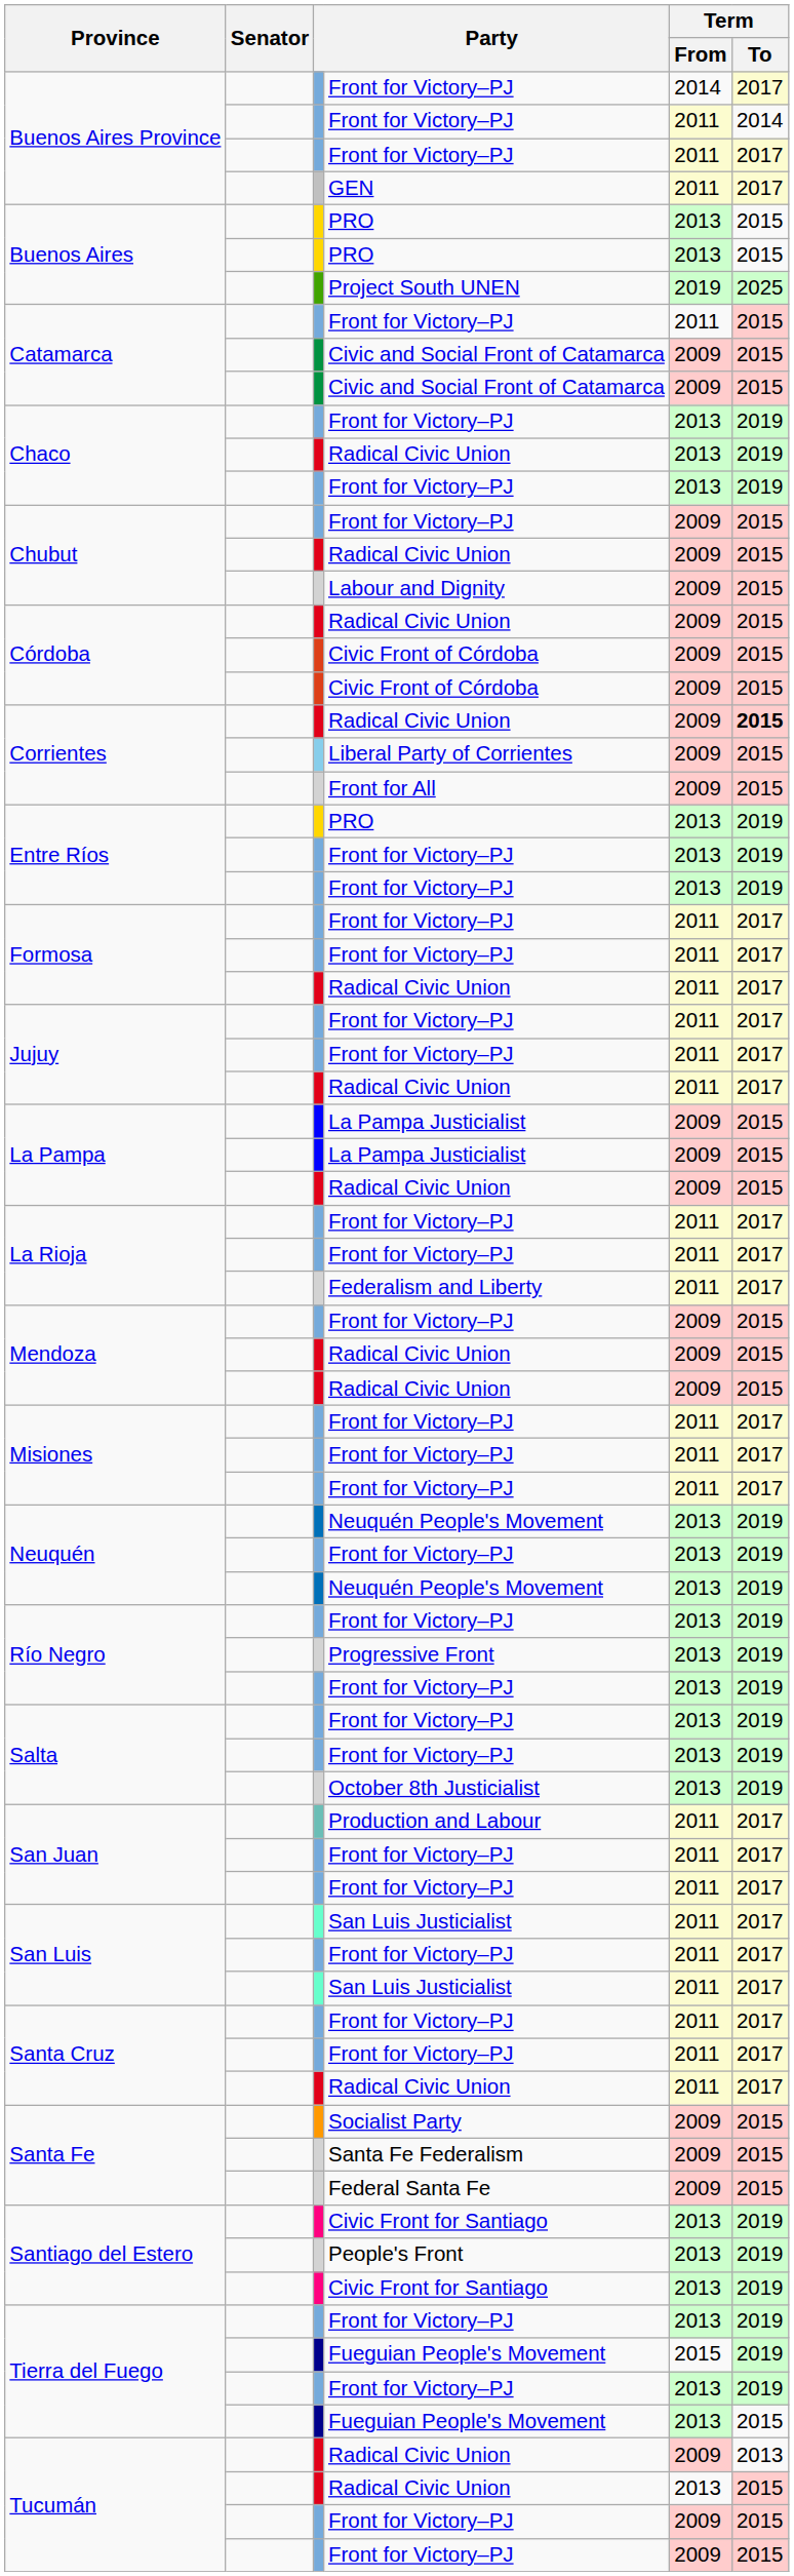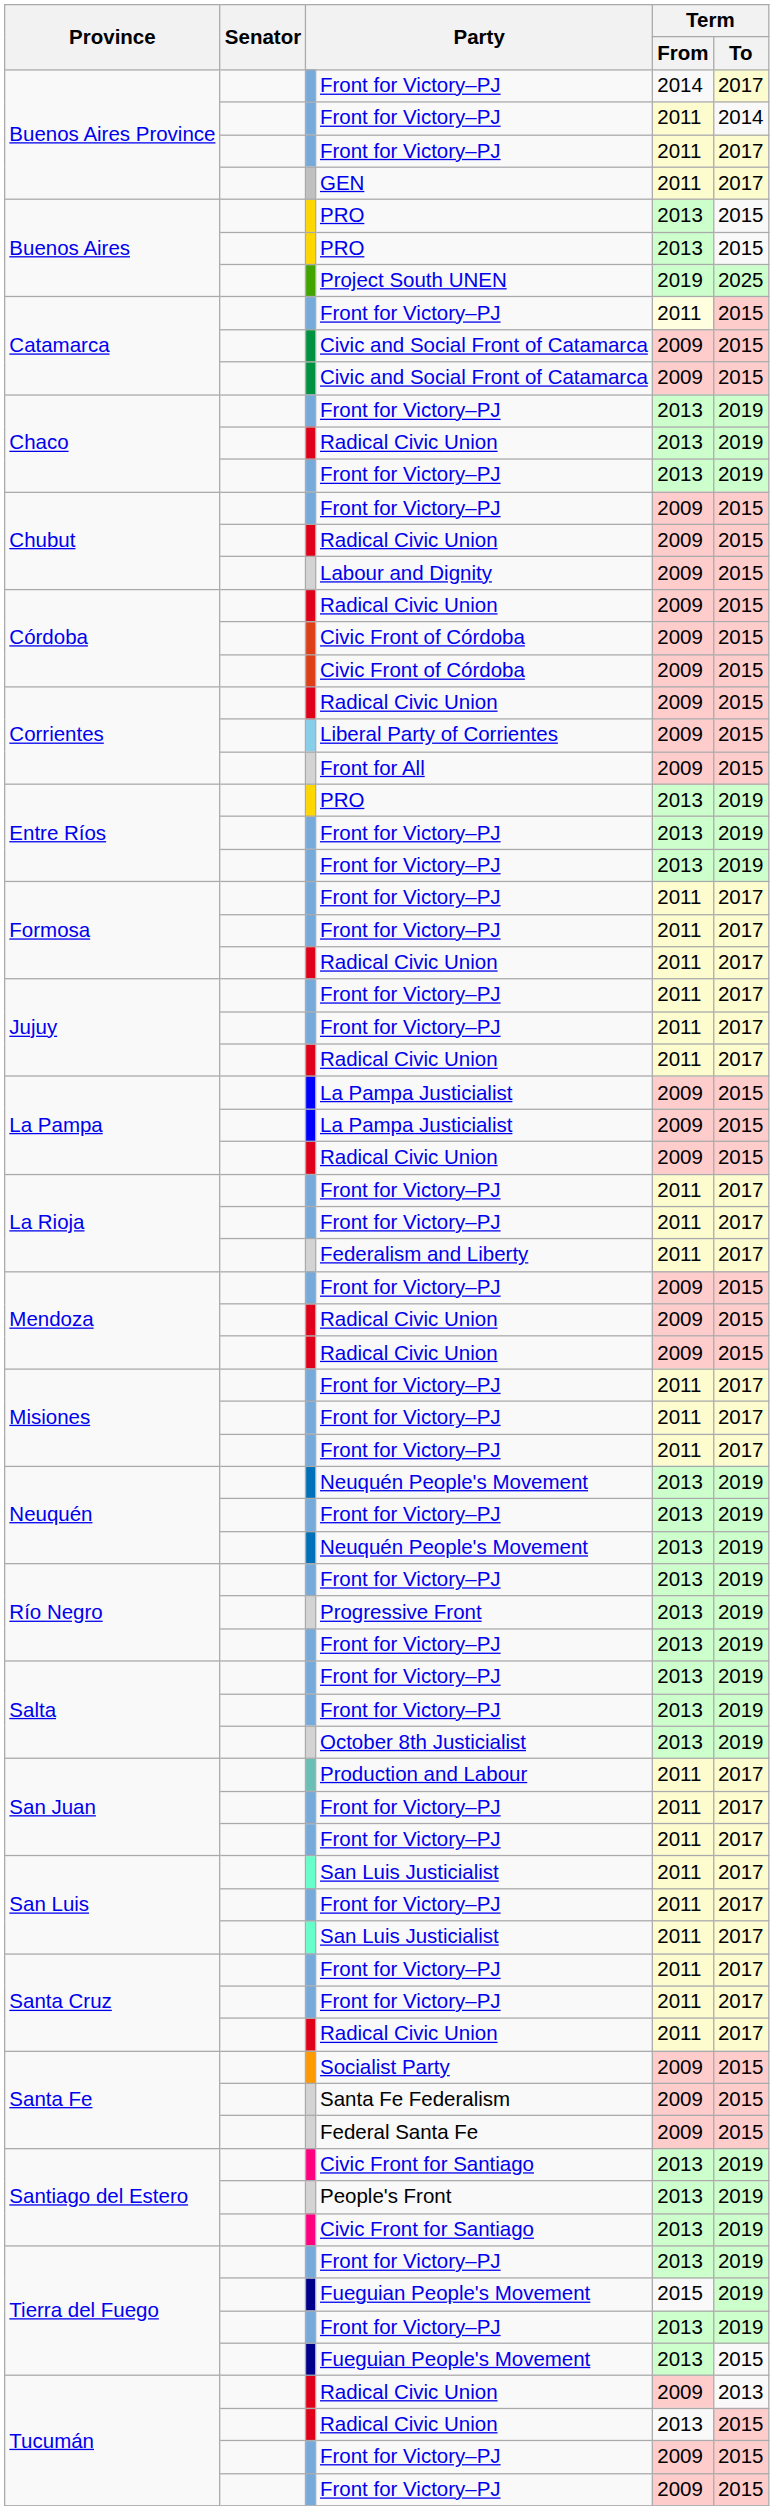 <table class="sortable wikitable">
 <tr>
 <th rowspan=2>Province</th>
 <th rowspan=2>Senator</th>
 <th colspan=2 rowspan=2>Party</th>
 <th colspan=2>Term</th>
 </tr>
 <tr>
 <th>From</th>
 <th>To</th>
 </tr>
 <tr>
 <td rowspan=4><a href='#'>Buenos Aires Province</a></td>
 <td></td>
 <td bgcolor=#75AADB></td>
 <td><a href='#'>Front for Victory–PJ</a></td>
 <td>2014</td>
 <td bgcolor=#fcfccf>2017</td>
 </tr>
 <tr>
 <td></td>
 <td bgcolor=#75AADB></td>
 <td><a href='#'>Front for Victory–PJ</a></td>
 <td bgcolor=#fcfccf>2011</td>
 <td>2014</td>
 </tr>
 <tr>
 <td></td>
 <td bgcolor=#75AADB></td>
 <td><a href='#'>Front for Victory–PJ</a></td>
 <td bgcolor=#fcfccf>2011</td>
 <td bgcolor=#fcfccf>2017</td>
 </tr>
 <tr>
 <td></td>
 <td bgcolor=#C0C0C0></td>
 <td><a href='#'>GEN</a></td>
 <td bgcolor=#fcfccf>2011</td>
 <td bgcolor=#fcfccf>2017</td>
 </tr>
 <tr>
 <td rowspan=3><a href='#'>Buenos Aires</a></td>
 <td></td>
 <td bgcolor=#FFD700></td>
 <td><a href='#'>PRO</a></td>
 <td bgcolor=#cfc>2013</td>
 <td>2015</td>
 </tr>
 <tr>
 <td></td>
 <td bgcolor=#FFD700></td>
 <td><a href='#'>PRO</a></td>
 <td bgcolor=#cfc>2013</td>
 <td>2015</td>
 </tr>
 <tr>
 <td></td>
 <td bgcolor=#41A400></td>
 <td><a href='#'>Project South UNEN</a></td>
 <td bgcolor=#cfc>2019</td>
 <td bgcolor=#cfc>2025</td>
 </tr>
 <tr>
 <td rowspan=3><a href='#'>Catamarca</a></td>
 <td></td>
 <td bgcolor=#75AADB></td>
 <td><a href='#'>Front for Victory–PJ</a></td>
-<td>2011</td>
+<td style="background: lightyellow;">2011</td>
 <td bgcolor=#fcc>2015</td>
 </tr>
 <tr>
 <td></td>
 <td bgcolor=#009241></td>
 <td><a href='#'>Civic and Social Front of Catamarca</a></td>
 <td bgcolor=#fcc>2009</td>
 <td bgcolor=#fcc>2015</td>
 </tr>
 <tr>
 <td></td>
 <td bgcolor=#009241></td>
 <td><a href='#'>Civic and Social Front of Catamarca</a></td>
 <td bgcolor=#fcc>2009</td>
 <td bgcolor=#fcc>2015</td>
 </tr>
 <tr>
 <td rowspan=3><a href='#'>Chaco</a></td>
 <td></td>
 <td bgcolor=#75AADB></td>
 <td><a href='#'>Front for Victory–PJ</a></td>
 <td bgcolor= #cfc>2013</td>
 <td bgcolor= #cfc>2019</td>
 </tr>
 <tr>
 <td></td>
 <td bgcolor=#E10019></td>
 <td><a href='#'>Radical Civic Union</a></td>
 <td bgcolor= #cfc>2013</td>
 <td bgcolor= #cfc>2019</td>
 </tr>
 <tr>
 <td></td>
 <td bgcolor=#75AADB></td>
 <td><a href='#'>Front for Victory–PJ</a></td>
 <td bgcolor= #cfc>2013</td>
 <td bgcolor= #cfc>2019</td>
 </tr>
 <tr>
 <td rowspan=3><a href='#'>Chubut</a></td>
 <td></td>
 <td bgcolor=#75AADB></td>
 <td><a href='#'>Front for Victory–PJ</a></td>
 <td bgcolor= #fcc>2009</td>
 <td bgcolor= #fcc>2015</td>
 </tr>
 <tr>
 <td></td>
 <td bgcolor=#E10019></td>
 <td><a href='#'>Radical Civic Union</a></td>
 <td bgcolor= #fcc>2009</td>
 <td bgcolor= #fcc>2015</td>
 </tr>
 <tr>
 <td></td>
 <td bgcolor=#D3D3D3></td>
 <td><a href='#'>Labour and Dignity</a></td>
 <td bgcolor= #fcc>2009</td>
 <td bgcolor= #fcc>2015</td>
 </tr>
 <tr>
 <td rowspan=3><a href='#'>Córdoba</a></td>
 <td></td>
 <td bgcolor=#E10019></td>
 <td><a href='#'>Radical Civic Union</a></td>
 <td bgcolor=#fcc>2009</td>
 <td bgcolor=#fcc>2015</td>
 </tr>
 <tr>
 <td></td>
 <td bgcolor=#dd3f18></td>
 <td><a href='#'>Civic Front of Córdoba</a></td>
 <td bgcolor=#fcc>2009</td>
 <td bgcolor=#fcc>2015</td>
 </tr>
 <tr>
 <td></td>
 <td bgcolor=#dd3f18></td>
 <td><a href='#'>Civic Front of Córdoba</a></td>
 <td bgcolor=#fcc>2009</td>
 <td bgcolor=#fcc>2015</td>
 </tr>
 <tr>
 <td rowspan=3><a href='#'>Corrientes</a></td>
 <td></td>
 <td bgcolor=#E10019></td>
 <td><a href='#'>Radical Civic Union</a></td>
 <td bgcolor=#fcc>2009</td>
-<td bgcolor=#fcc><strong>2015</strong></td>
+<td bgcolor=#fcc>2015</td>
 </tr>
 <tr>
 <td></td>
 <td bgcolor=skyblue></td>
 <td><a href='#'>Liberal Party of Corrientes</a></td>
 <td bgcolor=#fcc>2009</td>
 <td bgcolor=#fcc>2015</td>
 </tr>
 <tr>
 <td></td>
 <td bgcolor=#D3D3D3></td>
 <td><a href='#'>Front for All</a></td>
 <td bgcolor=#fcc>2009</td>
 <td bgcolor=#fcc>2015</td>
 </tr>
 <tr>
 <td rowspan=3><a href='#'>Entre Ríos</a></td>
 <td></td>
 <td bgcolor=#FFD700></td>
 <td><a href='#'>PRO</a></td>
 <td bgcolor= #cfc>2013</td>
 <td bgcolor= #cfc>2019</td>
 </tr>
 <tr>
 <td></td>
 <td bgcolor=#75AADB></td>
 <td><a href='#'>Front for Victory–PJ</a></td>
 <td bgcolor= #cfc>2013</td>
 <td bgcolor= #cfc>2019</td>
 </tr>
 <tr>
 <td></td>
 <td bgcolor=#75AADB></td>
 <td><a href='#'>Front for Victory–PJ</a></td>
 <td bgcolor= #cfc>2013</td>
 <td bgcolor= #cfc>2019</td>
 </tr>
 <tr>
 <td rowspan=3><a href='#'>Formosa</a></td>
 <td></td>
 <td bgcolor=#75AADB></td>
 <td><a href='#'>Front for Victory–PJ</a></td>
 <td bgcolor=#fcfccf>2011</td>
 <td bgcolor=#fcfccf>2017</td>
 </tr>
 <tr>
 <td></td>
 <td bgcolor=#75AADB></td>
 <td><a href='#'>Front for Victory–PJ</a></td>
 <td bgcolor=#fcfccf>2011</td>
 <td bgcolor=#fcfccf>2017</td>
 </tr>
 <tr>
 <td></td>
 <td bgcolor=#E10019></td>
 <td><a href='#'>Radical Civic Union</a></td>
 <td bgcolor=#fcfccf>2011</td>
 <td bgcolor=#fcfccf>2017</td>
 </tr>
 <tr>
 <td rowspan=3><a href='#'>Jujuy</a></td>
 <td></td>
 <td bgcolor=#75AADB></td>
 <td><a href='#'>Front for Victory–PJ</a></td>
 <td bgcolor= #fcfccf>2011</td>
 <td bgcolor= #fcfccf>2017</td>
 </tr>
 <tr>
 <td></td>
 <td bgcolor=#75AADB></td>
 <td><a href='#'>Front for Victory–PJ</a></td>
 <td bgcolor= #fcfccf>2011</td>
 <td bgcolor= #fcfccf>2017</td>
 </tr>
 <tr>
 <td></td>
 <td bgcolor=#E10019></td>
 <td><a href='#'>Radical Civic Union</a></td>
 <td bgcolor= #fcfccf>2011</td>
 <td bgcolor= #fcfccf>2017</td>
 </tr>
 <tr>
 <td rowspan=3><a href='#'>La Pampa</a></td>
 <td></td>
 <td bgcolor=blue></td>
 <td><a href='#'>La Pampa Justicialist</a></td>
 <td bgcolor=#fcc>2009</td>
 <td bgcolor=#fcc>2015</td>
 </tr>
 <tr>
 <td></td>
 <td bgcolor=blue></td>
 <td><a href='#'>La Pampa Justicialist</a></td>
 <td bgcolor=#fcc>2009</td>
 <td bgcolor=#fcc>2015</td>
 </tr>
 <tr>
 <td></td>
 <td bgcolor=#E10019></td>
 <td><a href='#'>Radical Civic Union</a></td>
 <td bgcolor=#fcc>2009</td>
 <td bgcolor=#fcc>2015</td>
 </tr>
 <tr>
 <td rowspan=3><a href='#'>La Rioja</a></td>
 <td></td>
 <td bgcolor=#75AADB></td>
 <td><a href='#'>Front for Victory–PJ</a></td>
 <td bgcolor=#fcfccf>2011</td>
 <td bgcolor=#fcfccf>2017</td>
 </tr>
 <tr>
 <td></td>
 <td bgcolor=#75AADB></td>
 <td><a href='#'>Front for Victory–PJ</a></td>
 <td bgcolor=#fcfccf>2011</td>
 <td bgcolor=#fcfccf>2017</td>
 </tr>
 <tr>
 <td></td>
 <td bgcolor=#D3D3D3></td>
 <td><a href='#'>Federalism and Liberty</a></td>
 <td bgcolor=#fcfccf>2011</td>
 <td bgcolor=#fcfccf>2017</td>
 </tr>
 <tr>
 <td rowspan=3><a href='#'>Mendoza</a></td>
 <td></td>
 <td bgcolor=#75AADB></td>
 <td><a href='#'>Front for Victory–PJ</a></td>
 <td bgcolor=#fcc>2009</td>
 <td bgcolor=#fcc>2015</td>
 </tr>
 <tr>
 <td></td>
 <td bgcolor=#E10019></td>
 <td><a href='#'>Radical Civic Union</a></td>
 <td bgcolor=#fcc>2009</td>
 <td bgcolor=#fcc>2015</td>
 </tr>
 <tr>
 <td></td>
 <td bgcolor=#E10019></td>
 <td><a href='#'>Radical Civic Union</a></td>
 <td bgcolor=#fcc>2009</td>
 <td bgcolor=#fcc>2015</td>
 </tr>
 <tr>
 <td rowspan=3><a href='#'>Misiones</a></td>
 <td></td>
 <td bgcolor=#75AADB></td>
 <td><a href='#'>Front for Victory–PJ</a></td>
 <td bgcolor= #fcfccf>2011</td>
 <td bgcolor= #fcfccf>2017</td>
 </tr>
 <tr>
 <td></td>
 <td bgcolor=#75AADB></td>
 <td><a href='#'>Front for Victory–PJ</a></td>
 <td bgcolor= #fcfccf>2011</td>
 <td bgcolor= #fcfccf>2017</td>
 </tr>
 <tr>
 <td></td>
 <td bgcolor=#75AADB></td>
 <td><a href='#'>Front for Victory–PJ</a></td>
 <td bgcolor= #fcfccf>2011</td>
 <td bgcolor= #fcfccf>2017</td>
 </tr>
 <tr>
 <td rowspan=3><a href='#'>Neuquén</a></td>
 <td></td>
 <td bgcolor=#0070b8></td>
 <td><a href='#'>Neuquén People's Movement</a></td>
 <td bgcolor=#cfc>2013</td>
 <td bgcolor=#cfc>2019</td>
 </tr>
 <tr>
 <td></td>
 <td bgcolor=#75AADB></td>
 <td><a href='#'>Front for Victory–PJ</a></td>
 <td bgcolor=#cfc>2013</td>
 <td bgcolor=#cfc>2019</td>
 </tr>
 <tr>
 <td></td>
 <td bgcolor=#0070b8></td>
 <td><a href='#'>Neuquén People's Movement</a></td>
 <td bgcolor=#cfc>2013</td>
 <td bgcolor=#cfc>2019</td>
 </tr>
 <tr>
 <td rowspan=3><a href='#'>Río Negro</a></td>
 <td></td>
 <td bgcolor=#75AADB></td>
 <td><a href='#'>Front for Victory–PJ</a></td>
 <td bgcolor= #cfc>2013</td>
 <td bgcolor= #cfc>2019</td>
 </tr>
 <tr>
 <td></td>
 <td bgcolor=#D3D3D3></td>
 <td><a href='#'>Progressive Front</a></td>
 <td bgcolor= #cfc>2013</td>
 <td bgcolor= #cfc>2019</td>
 </tr>
 <tr>
 <td></td>
 <td bgcolor=#75AADB></td>
 <td><a href='#'>Front for Victory–PJ</a></td>
 <td bgcolor= #cfc>2013</td>
 <td bgcolor= #cfc>2019</td>
 </tr>
 <tr>
 <td rowspan=3><a href='#'>Salta</a></td>
 <td></td>
 <td bgcolor=#75AADB></td>
 <td><a href='#'>Front for Victory–PJ</a></td>
 <td bgcolor=#cfc>2013</td>
 <td bgcolor=#cfc>2019</td>
 </tr>
 <tr>
 <td></td>
 <td bgcolor=#75AADB></td>
 <td><a href='#'>Front for Victory–PJ</a></td>
 <td bgcolor=#cfc>2013</td>
 <td bgcolor=#cfc>2019</td>
 </tr>
 <tr>
 <td></td>
 <td bgcolor=#D3D3D3></td>
 <td><a href='#'>October 8th Justicialist</a></td>
 <td bgcolor=#cfc>2013</td>
 <td bgcolor=#cfc>2019</td>
 </tr>
 <tr>
 <td rowspan=3><a href='#'>San Juan</a></td>
 <td></td>
 <td bgcolor=#6bbeb6></td>
 <td><a href='#'>Production and Labour</a></td>
 <td bgcolor=#fcfccf>2011</td>
 <td bgcolor=#fcfccf>2017</td>
 </tr>
 <tr>
 <td></td>
 <td bgcolor=#75AADB></td>
 <td><a href='#'>Front for Victory–PJ</a></td>
 <td bgcolor=#fcfccf>2011</td>
 <td bgcolor=#fcfccf>2017</td>
 </tr>
 <tr>
 <td></td>
 <td bgcolor=#75AADB></td>
 <td><a href='#'>Front for Victory–PJ</a></td>
 <td bgcolor=#fcfccf>2011</td>
 <td bgcolor=#fcfccf>2017</td>
 </tr>
 <tr>
 <td rowspan=3><a href='#'>San Luis</a></td>
 <td></td>
 <td bgcolor=#66FFCC></td>
 <td><a href='#'>San Luis Justicialist</a></td>
 <td bgcolor=#fcfccf>2011</td>
 <td bgcolor=#fcfccf>2017</td>
 </tr>
 <tr>
 <td></td>
 <td bgcolor=#75AADB></td>
 <td><a href='#'>Front for Victory–PJ</a></td>
 <td bgcolor=#fcfccf>2011</td>
 <td bgcolor=#fcfccf>2017</td>
 </tr>
 <tr>
 <td></td>
 <td bgcolor=#66FFCC></td>
 <td><a href='#'>San Luis Justicialist</a></td>
 <td bgcolor=#fcfccf>2011</td>
 <td bgcolor=#fcfccf>2017</td>
 </tr>
 <tr>
 <td rowspan=3><a href='#'>Santa Cruz</a></td>
 <td></td>
 <td bgcolor=#75AADB></td>
 <td><a href='#'>Front for Victory–PJ</a></td>
 <td bgcolor=#fcfccf>2011</td>
 <td bgcolor=#fcfccf>2017</td>
 </tr>
 <tr>
 <td></td>
 <td bgcolor=#75AADB></td>
 <td><a href='#'>Front for Victory–PJ</a></td>
 <td bgcolor=#fcfccf>2011</td>
 <td bgcolor=#fcfccf>2017</td>
 </tr>
 <tr>
 <td></td>
 <td bgcolor=#E10019></td>
 <td><a href='#'>Radical Civic Union</a></td>
 <td bgcolor=#fcfccf>2011</td>
 <td bgcolor=#fcfccf>2017</td>
 </tr>
 <tr>
 <td rowspan=3><a href='#'>Santa Fe</a></td>
 <td></td>
 <td bgcolor=#FF9900></td>
 <td><a href='#'>Socialist Party</a></td>
 <td bgcolor=#fcc>2009</td>
 <td bgcolor=#fcc>2015</td>
 </tr>
 <tr>
 <td></td>
 <td bgcolor=#D3D3D3></td>
 <td>Santa Fe Federalism</td>
 <td bgcolor=#fcc>2009</td>
 <td bgcolor=#fcc>2015</td>
 </tr>
 <tr>
 <td></td>
 <td bgcolor=#D3D3D3></td>
 <td>Federal Santa Fe</td>
 <td bgcolor=#fcc>2009</td>
 <td bgcolor=#fcc>2015</td>
 </tr>
 <tr>
 <td rowspan=3><a href='#'>Santiago del Estero</a></td>
 <td></td>
 <td bgcolor=#FF0080></td>
 <td><a href='#'>Civic Front for Santiago</a></td>
 <td bgcolor=#cfc>2013</td>
 <td bgcolor=#cfc>2019</td>
 </tr>
 <tr>
 <td></td>
 <td bgcolor=#D3D3D3></td>
 <td>People's Front</td>
 <td bgcolor=#cfc>2013</td>
 <td bgcolor=#cfc>2019</td>
 </tr>
 <tr>
 <td></td>
 <td bgcolor=#FF0080></td>
 <td><a href='#'>Civic Front for Santiago</a></td>
 <td bgcolor=#cfc>2013</td>
 <td bgcolor=#cfc>2019</td>
 </tr>
 <tr>
 <td rowspan=4><a href='#'>Tierra del Fuego</a></td>
 <td></td>
 <td bgcolor=#75AADB></td>
 <td><a href='#'>Front for Victory–PJ</a></td>
 <td bgcolor=#cfc>2013</td>
 <td bgcolor=#cfc>2019</td>
 </tr>
 <tr>
 <td></td>
 <td bgcolor=#00008B></td>
 <td><a href='#'>Fueguian People's Movement</a></td>
 <td>2015</td>
 <td bgcolor=#cfc>2019</td>
 </tr>
 <tr>
 <td></td>
 <td bgcolor=#75AADB></td>
 <td><a href='#'>Front for Victory–PJ</a></td>
 <td bgcolor=#cfc>2013</td>
 <td bgcolor=#cfc>2019</td>
 </tr>
 <tr>
 <td></td>
 <td bgcolor=#00008B></td>
 <td><a href='#'>Fueguian People's Movement</a></td>
 <td bgcolor=#cfc>2013</td>
 <td>2015</td>
 </tr>
 <tr>
 <td rowspan=4><a href='#'>Tucumán</a></td>
 <td></td>
 <td bgcolor=#E10019></td>
 <td><a href='#'>Radical Civic Union</a></td>
 <td bgcolor=#fcc>2009</td>
 <td>2013</td>
 </tr>
 <tr>
 <td></td>
 <td bgcolor=#E10019></td>
 <td><a href='#'>Radical Civic Union</a></td>
 <td>2013</td>
 <td bgcolor=#fcc>2015</td>
 </tr>
 <tr>
 <td></td>
 <td bgcolor=#75AADB></td>
 <td><a href='#'>Front for Victory–PJ</a></td>
 <td bgcolor=#fcc>2009</td>
 <td bgcolor=#fcc>2015</td>
 </tr>
 <tr>
 <td></td>
 <td bgcolor=#75AADB></td>
 <td><a href='#'>Front for Victory–PJ</a></td>
 <td bgcolor=#fcc>2009</td>
 <td bgcolor=#fcc>2015</td>
 </tr>
 </table>
